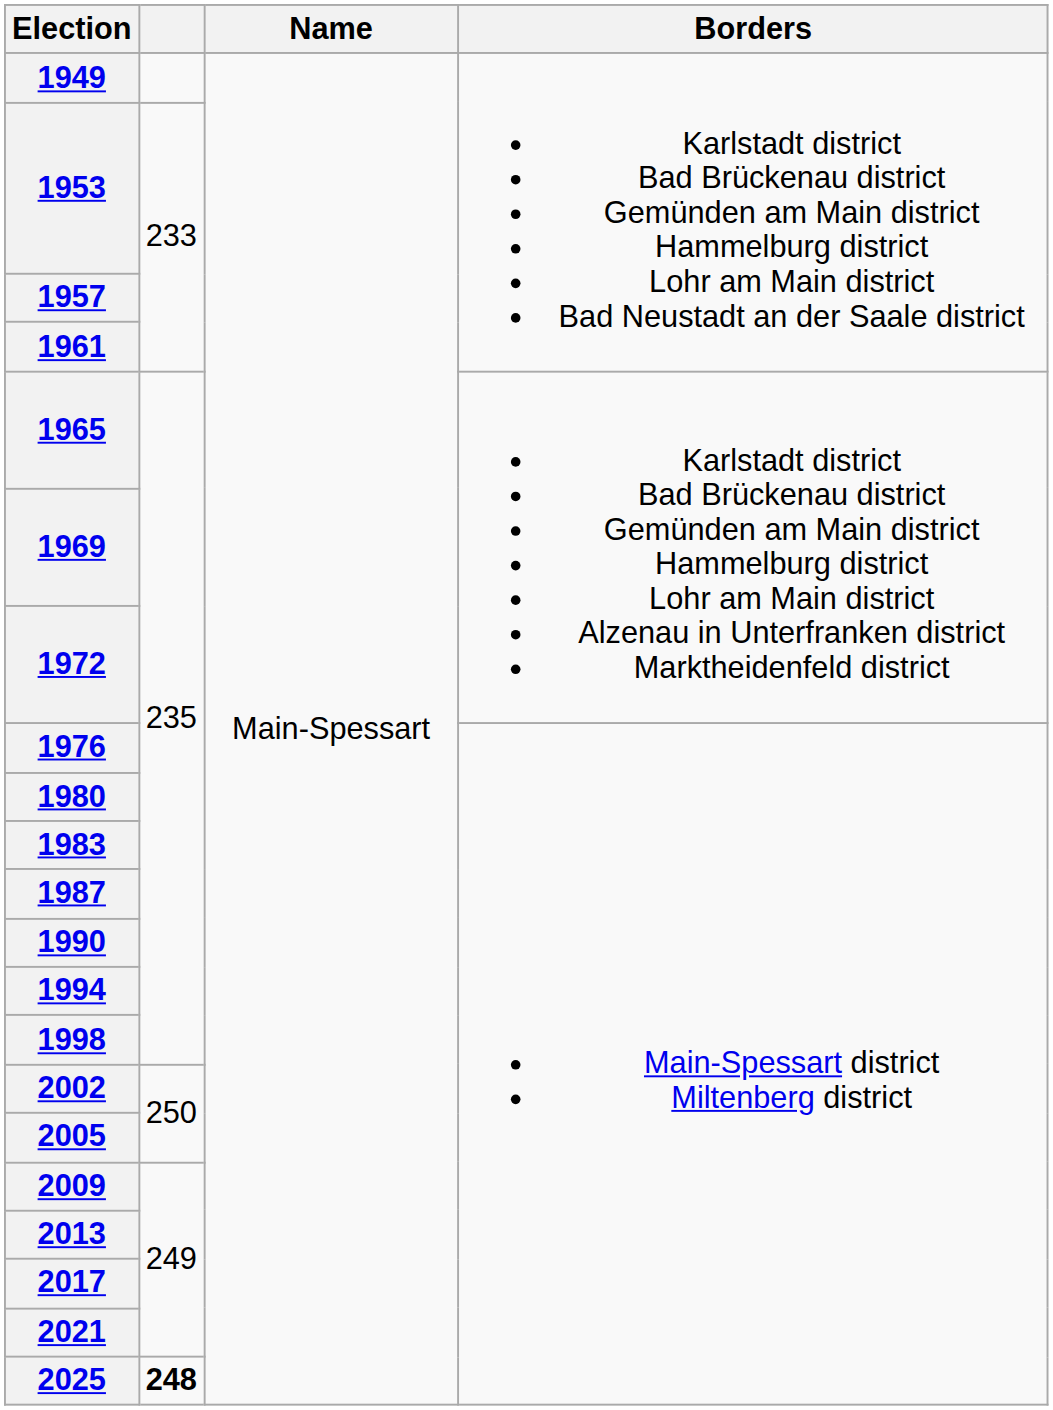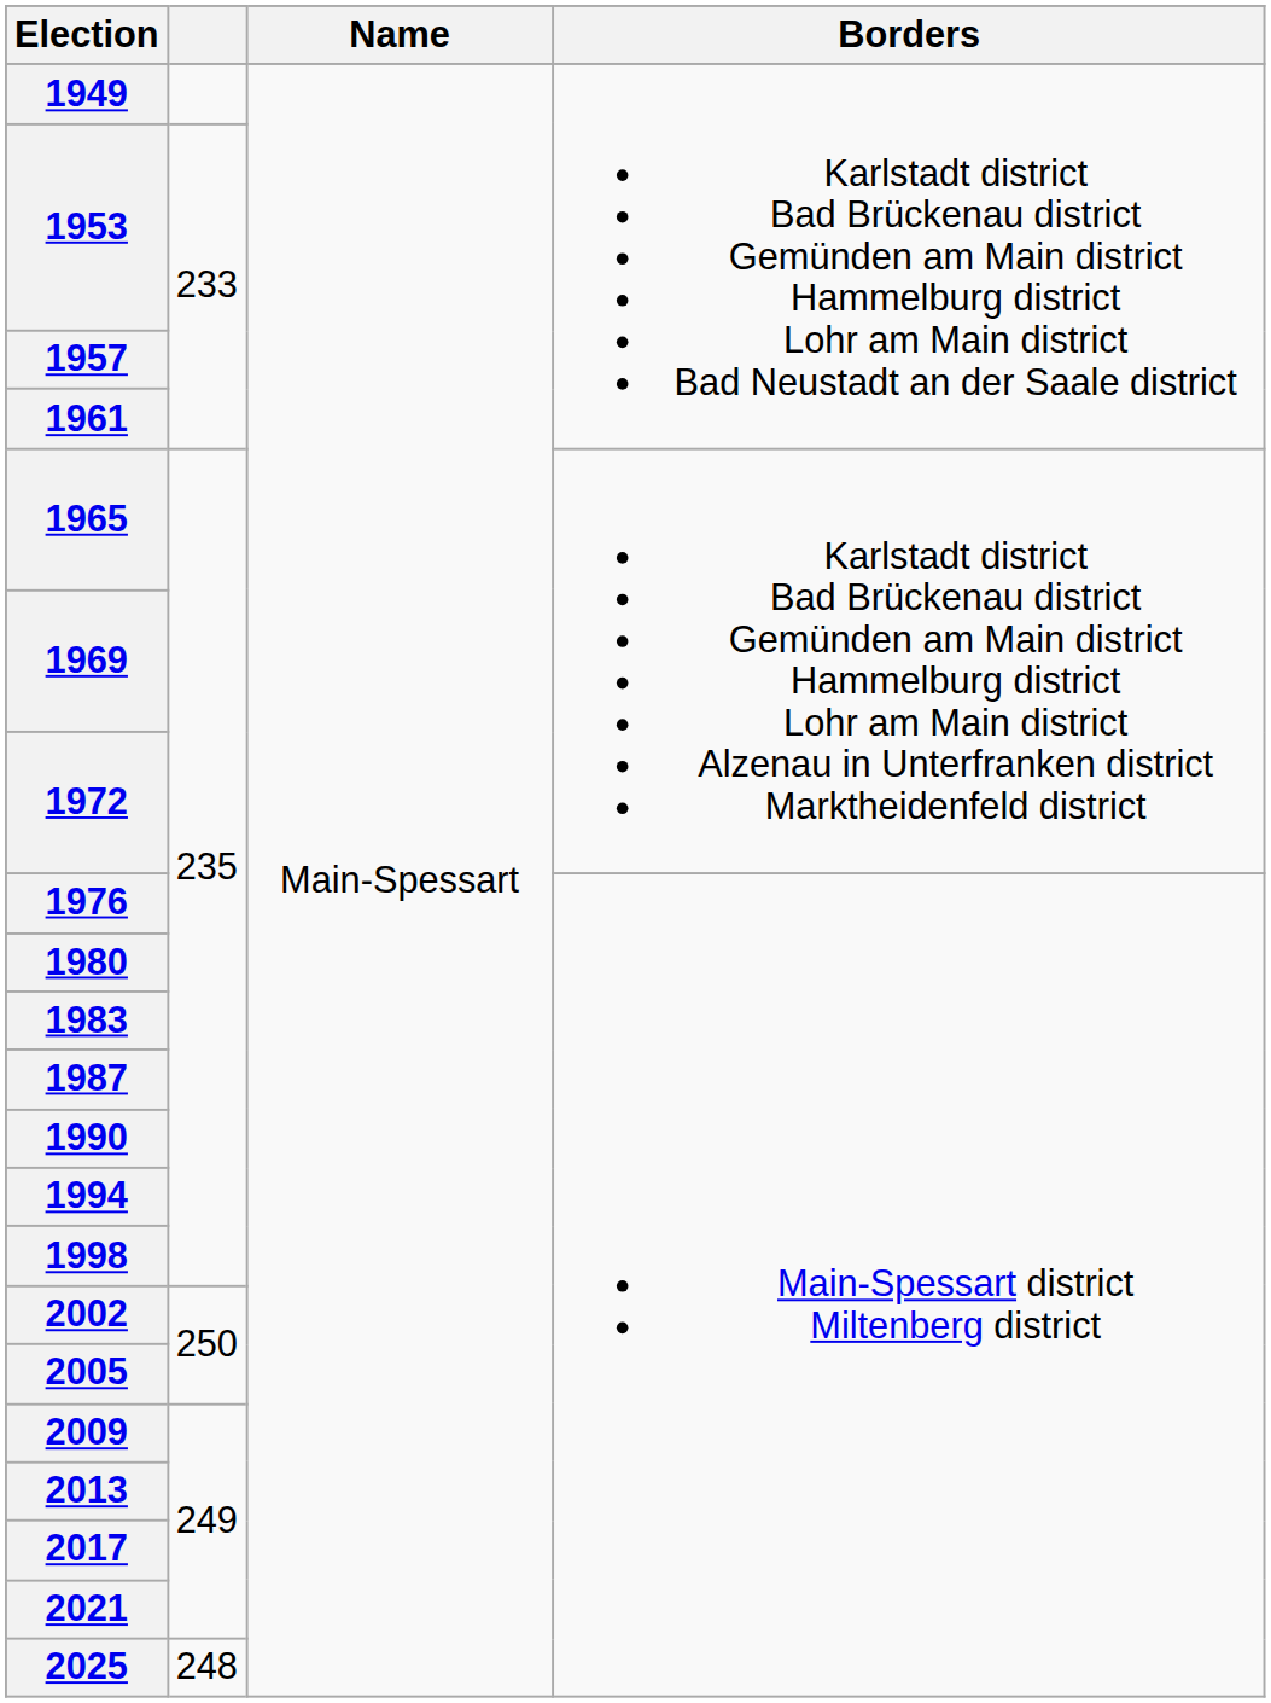 <table class=wikitable style="text-align:center">
 <tr>
 <th>Election</th>
 <th></th>
 <th width=125px>Name</th>
 <th width=300px>Borders</th>
 </tr>
 <tr>
 <th><a href='#'>1949</a></th>
 <td></td>
 <td rowspan=21>Main-Spessart</td>
 <td rowspan=4><br><ul><li>Karlstadt district</li><li>Bad Brückenau district</li><li>Gemünden am Main district</li><li>Hammelburg district</li><li>Lohr am Main district</li><li>Bad Neustadt an der Saale district</li></ul></td>
 </tr>
 <tr>
 <th><a href='#'>1953</a></th>
 <td rowspan=3>233</td>
 </tr>
 <tr>
 <th><a href='#'>1957</a></th>
 </tr>
 <tr>
 <th><a href='#'>1961</a></th>
 </tr>
 <tr>
 <th><a href='#'>1965</a></th>
 <td rowspan=10>235</td>
 <td rowspan=3><br><ul><li>Karlstadt district</li><li>Bad Brückenau district</li><li>Gemünden am Main district</li><li>Hammelburg district</li><li>Lohr am Main district</li><li>Alzenau in Unterfranken district</li><li>Marktheidenfeld district</li></ul></td>
 </tr>
 <tr>
 <th><a href='#'>1969</a></th>
 </tr>
 <tr>
 <th><a href='#'>1972</a></th>
 </tr>
 <tr>
 <th><a href='#'>1976</a></th>
 <td rowspan=14><br><ul><li><a href='#'>Main-Spessart</a> district</li><li><a href='#'>Miltenberg</a> district</li></ul></td>
 </tr>
 <tr>
 <th><a href='#'>1980</a></th>
 </tr>
 <tr>
 <th><a href='#'>1983</a></th>
 </tr>
 <tr>
 <th><a href='#'>1987</a></th>
 </tr>
 <tr>
 <th><a href='#'>1990</a></th>
 </tr>
 <tr>
 <th><a href='#'>1994</a></th>
 </tr>
 <tr>
 <th><a href='#'>1998</a></th>
 </tr>
 <tr>
 <th><a href='#'>2002</a></th>
 <td rowspan=2>250</td>
 </tr>
 <tr>
 <th><a href='#'>2005</a></th>
 </tr>
 <tr>
 <th><a href='#'>2009</a></th>
 <td rowspan=4>249</td>
 </tr>
 <tr>
 <th><a href='#'>2013</a></th>
 </tr>
 <tr>
 <th><a href='#'>2017</a></th>
 </tr>
 <tr>
 <th><a href='#'>2021</a></th>
 </tr>
 <tr>
 <th><a href='#'>2025</a></th>
-<td><strong>248</strong></td>
+<td>248</td>
 </tr>
 </table>
